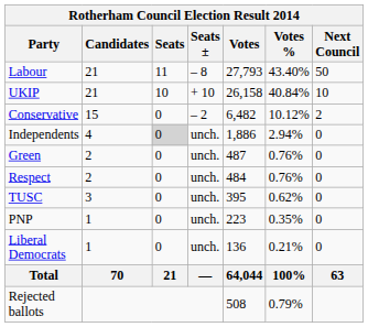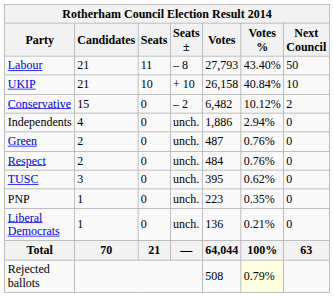 <table class="wikitable" border="1" style="margin: 1em auto 1em auto;" width="50%">
 <tr>
 <th colspan="7">Rotherham Council Election Result 2014</th>
 </tr>
 <tr>
 <th>Party</th>
 <th>Candidates</th>
 <th>Seats</th>
 <th>Seats ±</th>
 <th>Votes</th>
 <th>Votes %</th>
 <th>Next Council</th>
 </tr>
 <tr>
 <td><a href='#'>Labour</a></td>
 <td>21</td>
 <td>11</td>
 <td>– 8</td>
 <td>27,793</td>
 <td>43.40%</td>
 <td>50</td>
 </tr>
 <tr>
 <td><a href='#'>UKIP</a></td>
 <td>21</td>
 <td>10</td>
 <td>+ 10</td>
 <td>26,158</td>
 <td>40.84%</td>
 <td>10</td>
 </tr>
 <tr>
 <td><a href='#'>Conservative</a></td>
 <td>15</td>
 <td>0</td>
 <td>– 2</td>
 <td>6,482</td>
 <td>10.12%</td>
 <td>2</td>
 </tr>
 <tr>
 <td>Independents</td>
 <td>4</td>
-<td style="background: lightgrey;">0</td>
+<td>0</td>
 <td>unch.</td>
 <td>1,886</td>
 <td>2.94%</td>
 <td>0</td>
 </tr>
 <tr>
 <td><a href='#'>Green</a></td>
 <td>2</td>
 <td>0</td>
 <td>unch.</td>
 <td>487</td>
 <td>0.76%</td>
 <td>0</td>
 </tr>
 <tr>
 <td><a href='#'>Respect</a></td>
 <td>2</td>
 <td>0</td>
 <td>unch.</td>
 <td>484</td>
 <td>0.76%</td>
 <td>0</td>
 </tr>
 <tr>
 <td><a href='#'>TUSC</a></td>
 <td>3</td>
 <td>0</td>
 <td>unch.</td>
 <td>395</td>
 <td>0.62%</td>
 <td>0</td>
 </tr>
 <tr>
 <td>PNP</td>
 <td>1</td>
 <td>0</td>
 <td>unch.</td>
 <td>223</td>
 <td>0.35%</td>
 <td>0</td>
 </tr>
 <tr>
 <td><a href='#'>Liberal Democrats</a></td>
 <td>1</td>
 <td>0</td>
 <td>unch.</td>
 <td>136</td>
 <td>0.21%</td>
 <td>0</td>
 </tr>
 <tr>
 <th>Total</th>
 <th>70</th>
 <th>21</th>
 <th>—</th>
 <th>64,044</th>
 <th>100%</th>
 <th>63</th>
 </tr>
 <tr>
 <td>Rejected ballots</td>
 <td colspan=3></td>
 <td>508</td>
-<td>0.79%</td>
+<td style="background: lightyellow;">0.79%</td>
 </tr>
 </table>
